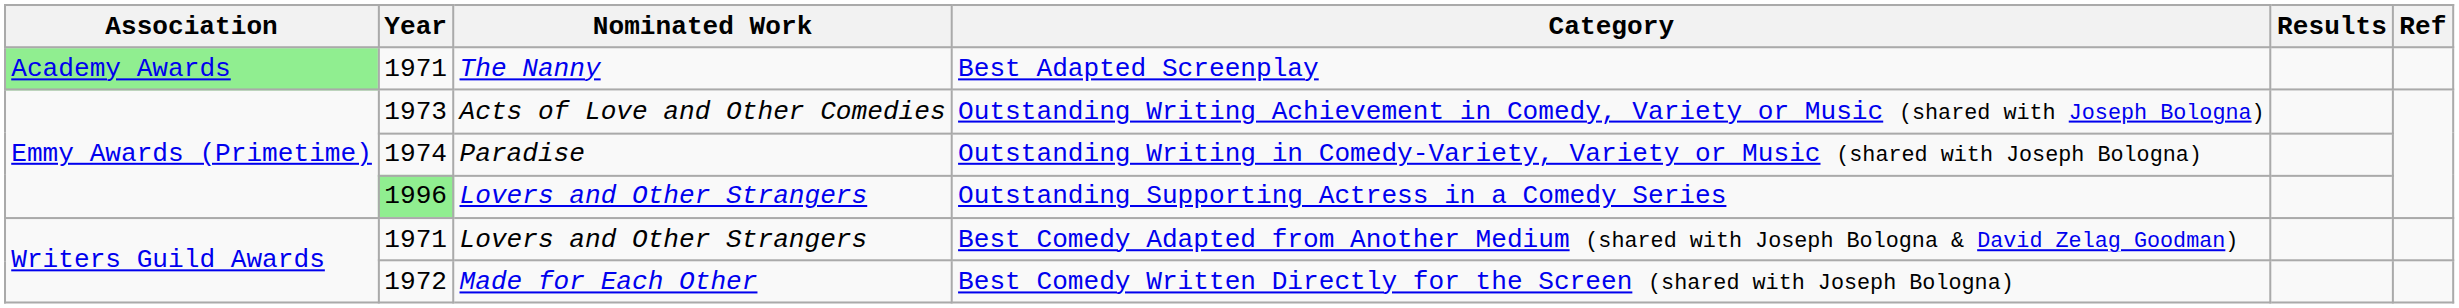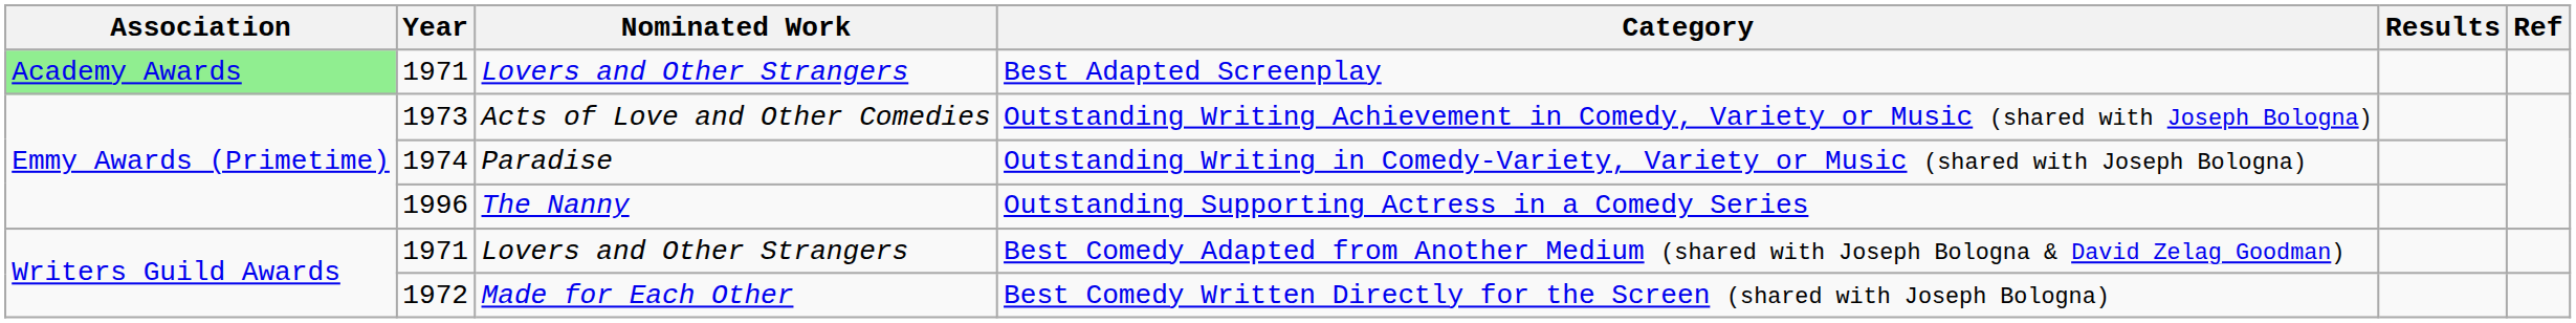 <table class="wikitable">
 <tr>
 <th>Association</th>
 <th>Year</th>
 <th>Nominated Work</th>
 <th>Category</th>
 <th>Results</th>
 <th>Ref</th>
 </tr>
 <tr>
 <td style="background: lightgreen;"><a href='#'>Academy Awards</a></td>
 <td>1971</td>
-<td><em><a href='#'>The Nanny</a></em></td>
+<td><em><a href='#'>Lovers and Other Strangers</a></em></td>
 <td><a href='#'>Best Adapted Screenplay</a></td>
 <td></td>
 <td></td>
 </tr>
 <tr>
 <td rowspan="3"><a href='#'>Emmy Awards (Primetime)</a></td>
 <td>1973</td>
 <td><em>Acts of Love and Other Comedies</em></td>
 <td><a href='#'>Outstanding Writing Achievement in Comedy, Variety or Music</a> <small>(shared with <a href='#'>Joseph Bologna</a>)</small></td>
 <td></td>
 <td rowspan="3"></td>
 </tr>
 <tr>
 <td>1974</td>
 <td><em>Paradise</em></td>
 <td><a href='#'>Outstanding Writing in Comedy-Variety, Variety or Music</a> <small>(shared with Joseph Bologna)</small></td>
 <td></td>
 </tr>
 <tr>
-<td style="background: lightgreen;">1996</td>
-<td><em><a href='#'>Lovers and Other Strangers</a></em></td>
+<td>1996</td>
+<td><em><a href='#'>The Nanny</a></em></td>
 <td><a href='#'>Outstanding Supporting Actress in a Comedy Series</a></td>
 <td></td>
 </tr>
 <tr>
 <td rowspan="2"><a href='#'>Writers Guild Awards</a></td>
 <td>1971</td>
 <td><em>Lovers and Other Strangers</em></td>
 <td><a href='#'>Best Comedy Adapted from Another Medium</a> <small>(shared with Joseph Bologna & <a href='#'>David Zelag Goodman</a>)</small></td>
 <td></td>
 <td></td>
 </tr>
 <tr>
 <td>1972</td>
 <td><em><a href='#'>Made for Each Other</a></em></td>
 <td><a href='#'>Best Comedy Written Directly for the Screen</a> <small>(shared with Joseph Bologna)</small></td>
 <td></td>
 <td></td>
 </tr>
 </table>
